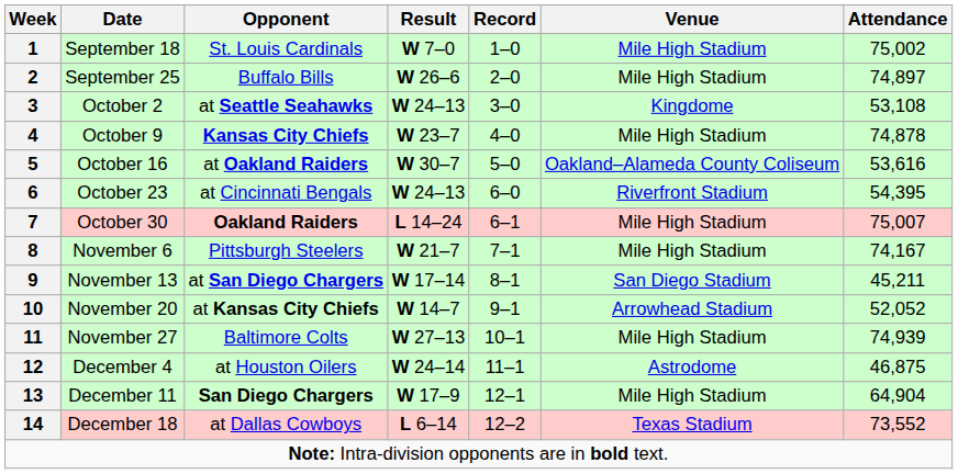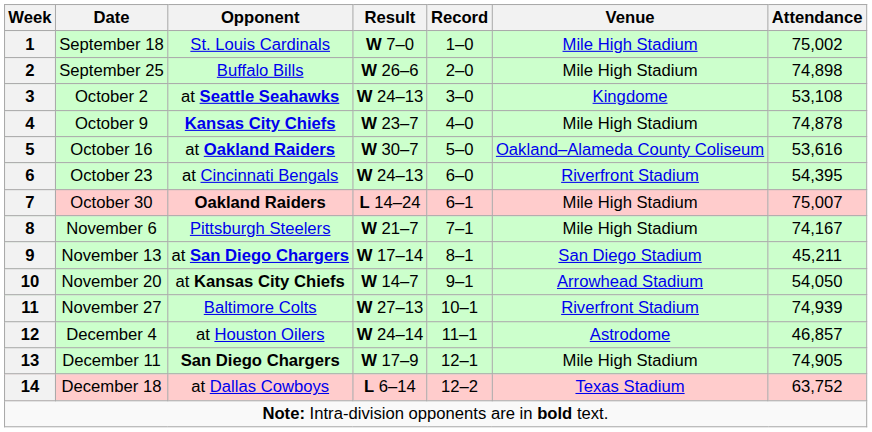 <table class="wikitable" style="text-align:center">
 <tr>
 <th>Week</th>
 <th>Date</th>
 <th>Opponent</th>
 <th>Result</th>
 <th>Record</th>
 <th>Venue</th>
 <th>Attendance</th>
 </tr>
 <tr style="background:#cfc">
 <th>1</th>
 <td>September 18</td>
 <td><a href='#'>St. Louis Cardinals</a></td>
 <td><strong>W</strong> 7–0</td>
 <td>1–0</td>
 <td><a href='#'>Mile High Stadium</a></td>
 <td>75,002</td>
 </tr>
 <tr style="background:#cfc">
 <th>2</th>
 <td>September 25</td>
 <td><a href='#'>Buffalo Bills</a></td>
 <td><strong>W</strong> 26–6</td>
 <td>2–0</td>
 <td>Mile High Stadium</td>
-<td>74,897</td>
+<td>74,898</td>
 </tr>
 <tr style="background:#cfc">
 <th>3</th>
 <td>October 2</td>
 <td>at <strong><a href='#'>Seattle Seahawks</a></strong></td>
 <td><strong>W</strong> 24–13</td>
 <td>3–0</td>
 <td><a href='#'>Kingdome</a></td>
 <td>53,108</td>
 </tr>
 <tr style="background:#cfc">
 <th>4</th>
 <td>October 9</td>
 <td><strong><a href='#'>Kansas City Chiefs</a></strong></td>
 <td><strong>W</strong> 23–7</td>
 <td>4–0</td>
 <td>Mile High Stadium</td>
 <td>74,878</td>
 </tr>
 <tr style="background:#cfc">
 <th>5</th>
 <td>October 16</td>
 <td>at <strong><a href='#'>Oakland Raiders</a></strong></td>
 <td><strong>W</strong> 30–7</td>
 <td>5–0</td>
 <td><a href='#'>Oakland–Alameda County Coliseum</a></td>
 <td>53,616</td>
 </tr>
 <tr style="background:#cfc">
 <th>6</th>
 <td>October 23</td>
 <td>at <a href='#'>Cincinnati Bengals</a></td>
 <td><strong>W</strong> 24–13</td>
 <td>6–0</td>
 <td><a href='#'>Riverfront Stadium</a></td>
 <td>54,395</td>
 </tr>
 <tr style="background:#fcc">
 <th>7</th>
 <td>October 30</td>
 <td><strong>Oakland Raiders</strong></td>
 <td><strong>L</strong> 14–24</td>
 <td>6–1</td>
 <td>Mile High Stadium</td>
 <td>75,007</td>
 </tr>
 <tr style="background:#cfc">
 <th>8</th>
 <td>November 6</td>
 <td><a href='#'>Pittsburgh Steelers</a></td>
 <td><strong>W</strong> 21–7</td>
 <td>7–1</td>
 <td>Mile High Stadium</td>
 <td>74,167</td>
 </tr>
 <tr style="background:#cfc">
 <th>9</th>
 <td>November 13</td>
 <td>at <strong><a href='#'>San Diego Chargers</a></strong></td>
 <td><strong>W</strong> 17–14</td>
 <td>8–1</td>
 <td><a href='#'>San Diego Stadium</a></td>
 <td>45,211</td>
 </tr>
 <tr style="background:#cfc">
 <th>10</th>
 <td>November 20</td>
 <td>at <strong>Kansas City Chiefs</strong></td>
 <td><strong>W</strong> 14–7</td>
 <td>9–1</td>
 <td><a href='#'>Arrowhead Stadium</a></td>
-<td>52,052</td>
+<td>54,050</td>
 </tr>
 <tr style="background:#cfc">
 <th>11</th>
 <td>November 27</td>
 <td><a href='#'>Baltimore Colts</a></td>
 <td><strong>W</strong> 27–13</td>
 <td>10–1</td>
-<td>Mile High Stadium</td>
+<td><a href='#'>Riverfront Stadium</a></td>
 <td>74,939</td>
 </tr>
 <tr style="background:#cfc">
 <th>12</th>
 <td>December 4</td>
 <td>at <a href='#'>Houston Oilers</a></td>
 <td><strong>W</strong> 24–14</td>
 <td>11–1</td>
 <td><a href='#'>Astrodome</a></td>
-<td>46,875</td>
+<td>46,857</td>
 </tr>
 <tr style="background:#cfc">
 <th>13</th>
 <td>December 11</td>
 <td><strong>San Diego Chargers</strong></td>
 <td><strong>W</strong> 17–9</td>
 <td>12–1</td>
 <td>Mile High Stadium</td>
-<td>64,904</td>
+<td>74,905</td>
 </tr>
 <tr style="background:#fcc">
 <th>14</th>
 <td>December 18</td>
 <td>at <a href='#'>Dallas Cowboys</a></td>
 <td><strong>L</strong> 6–14</td>
 <td>12–2</td>
 <td><a href='#'>Texas Stadium</a></td>
-<td>73,552</td>
+<td>63,752</td>
 </tr>
 <tr>
 <td colspan="8"><strong>Note:</strong> Intra-division opponents are in <strong>bold</strong> text.</td>
 </tr>
 </table>
